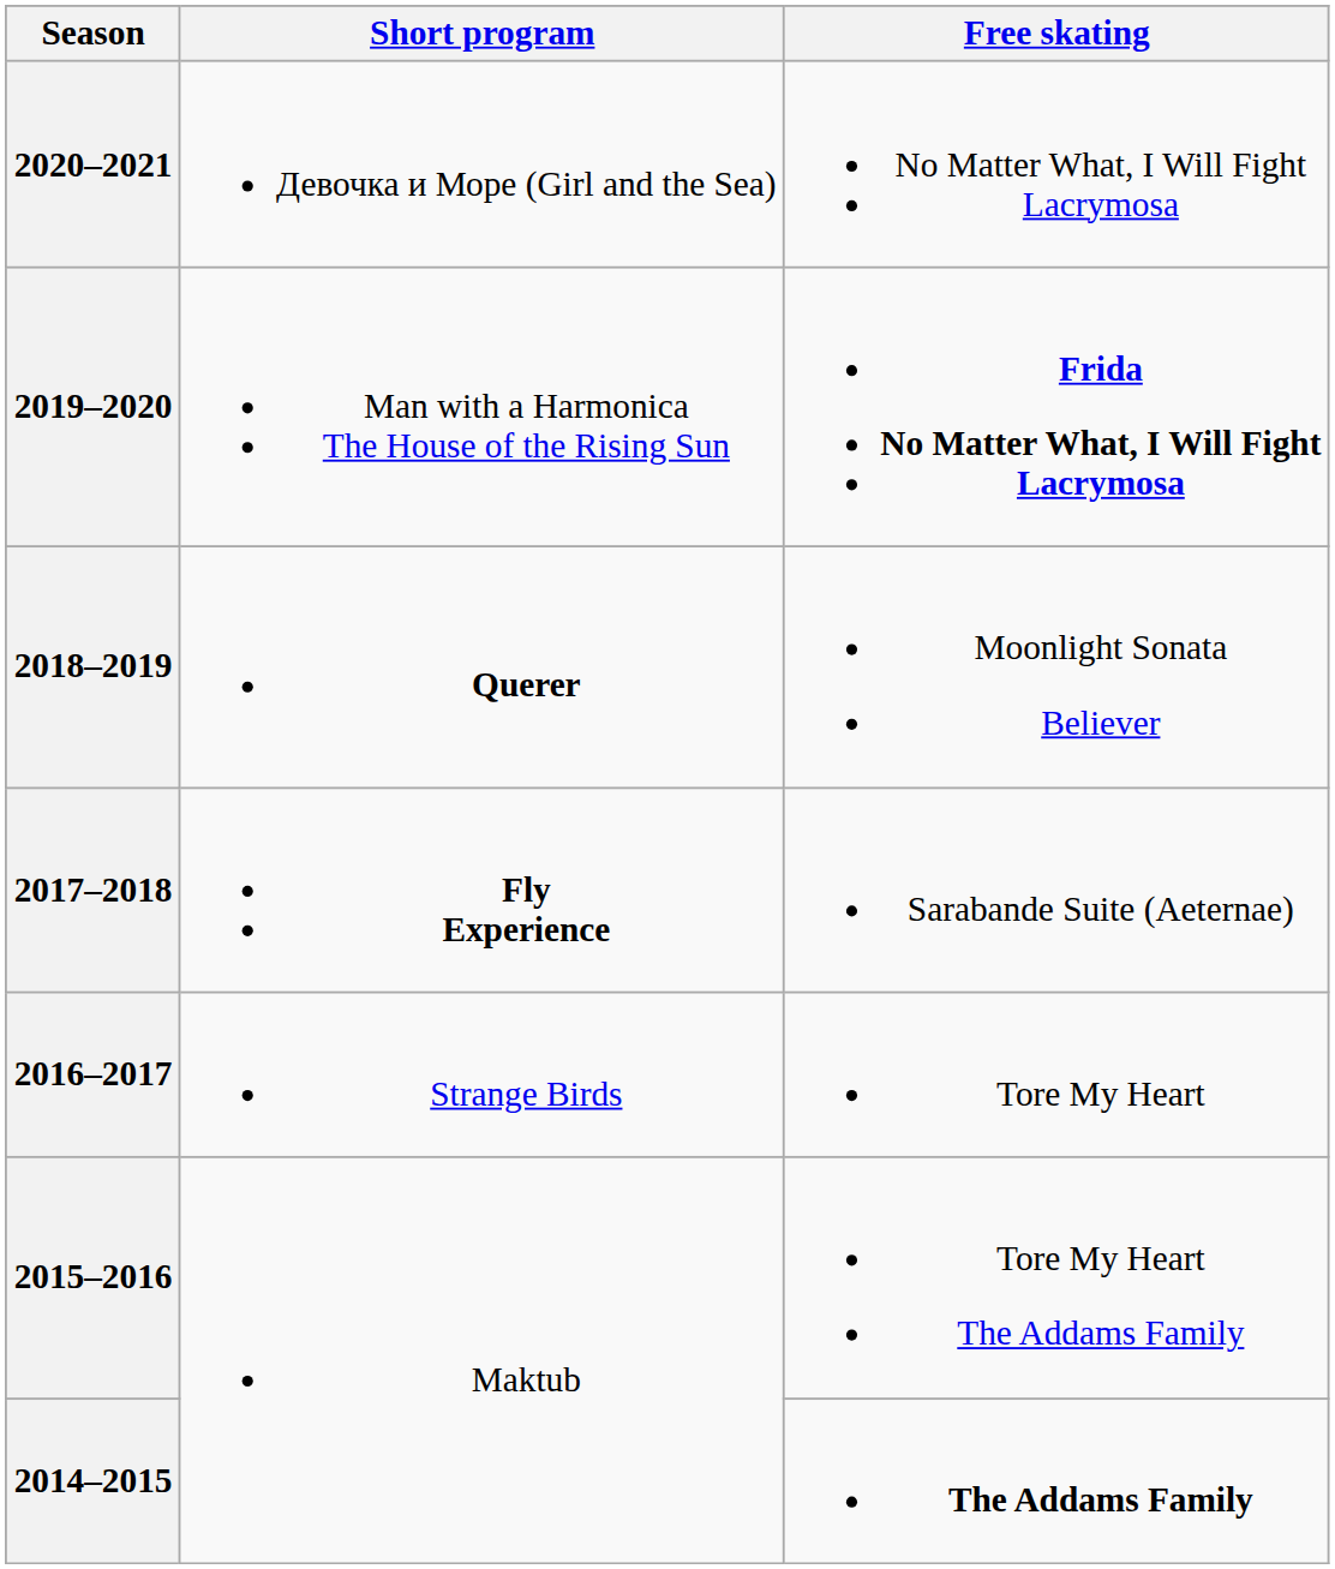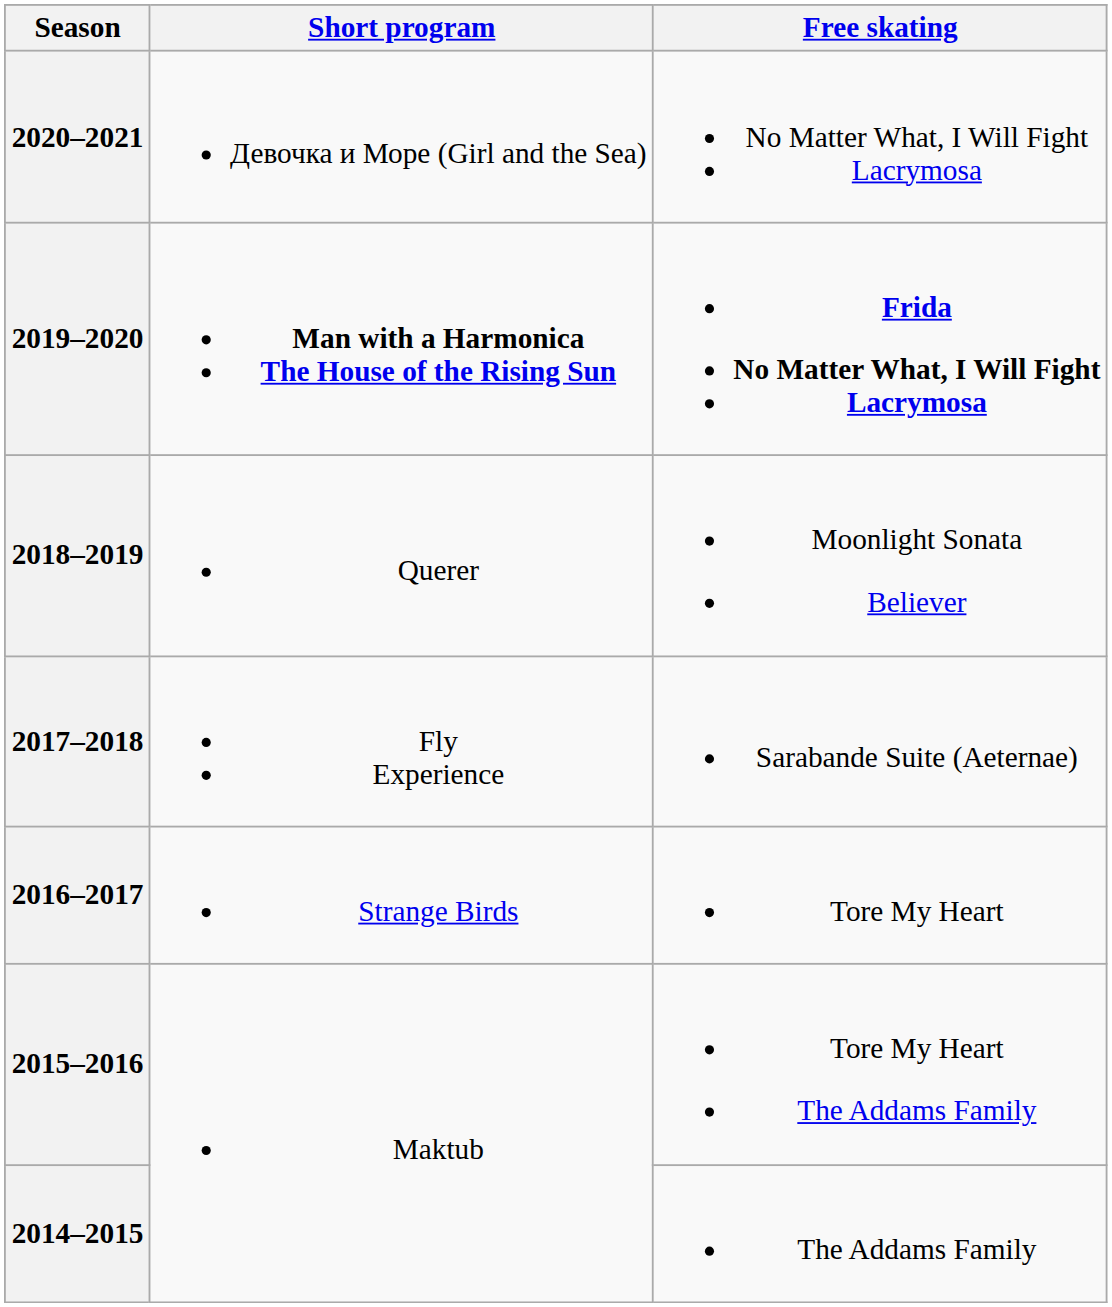 <table class=wikitable style=text-align:center>
 <tr>
 <th>Season</th>
 <th><a href='#'>Short program</a></th>
 <th><a href='#'>Free skating</a></th>
 </tr>
 <tr>
 <th>2020–2021</th>
 <td><br><ul><li>Девочка и Море (Girl and the Sea) <br> </li></ul></td>
 <td><br><ul><li>No Matter What, I Will Fight <br> </li><li><a href='#'>Lacrymosa</a> <br> </li></ul></td>
 </tr>
 <tr>
 <th>2019–2020</th>
-<td><br><ul><li>Man with a Harmonica <br> </li><li><a href='#'>The House of the Rising Sun</a> <br> </li></ul></td>
+<td><strong><br><ul><li>Man with a Harmonica <br> </li><li><a href='#'>The House of the Rising Sun</a> <br> </li></ul></strong></td>
 <td><strong><br><ul><li><a href='#'>Frida</a> <br> </li></ul><ul><li>No Matter What, I Will Fight <br> </li><li><a href='#'>Lacrymosa</a> <br> </li></ul></strong></td>
 </tr>
 <tr>
 <th>2018–2019 <br> </th>
-<td><strong><br><ul><li>Querer <br></li></ul></strong></td>
+<td><br><ul><li>Querer <br></li></ul></td>
 <td><br><ul><li>Moonlight Sonata <br> </li></ul><ul><li><a href='#'>Believer</a> <br> </li></ul></td>
 </tr>
 <tr>
 <th>2017–2018 <br> </th>
-<td><strong><br><ul><li>Fly <br></li><li>Experience <br></li></ul></strong></td>
+<td><br><ul><li>Fly <br></li><li>Experience <br></li></ul></td>
 <td><br><ul><li>Sarabande Suite (Aeternae) <br></li></ul></td>
 </tr>
 <tr>
 <th>2016–2017</th>
 <td><br><ul><li><a href='#'>Strange Birds</a> <br></li></ul></td>
 <td><br><ul><li>Tore My Heart <br></li></ul></td>
 </tr>
 <tr>
 <th>2015–2016</th>
 <td rowspan=2><br><ul><li>Maktub <br></li></ul></td>
 <td><br><ul><li>Tore My Heart <br></li></ul><ul><li><a href='#'>The Addams Family</a> <br></li></ul></td>
 </tr>
 <tr>
 <th>2014–2015</th>
-<td><strong><br><ul><li>The Addams Family <br></li></ul></strong></td>
+<td><br><ul><li>The Addams Family <br></li></ul></td>
 </tr>
 </table>
